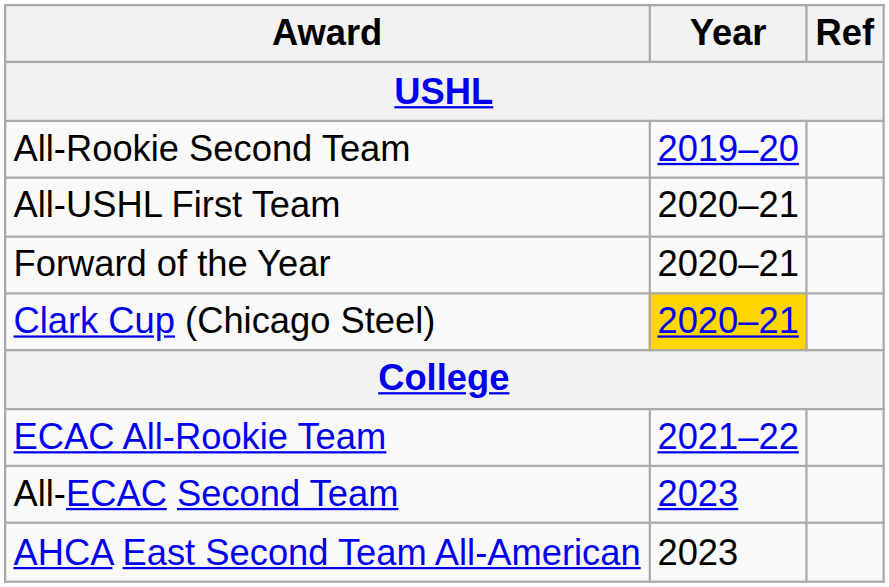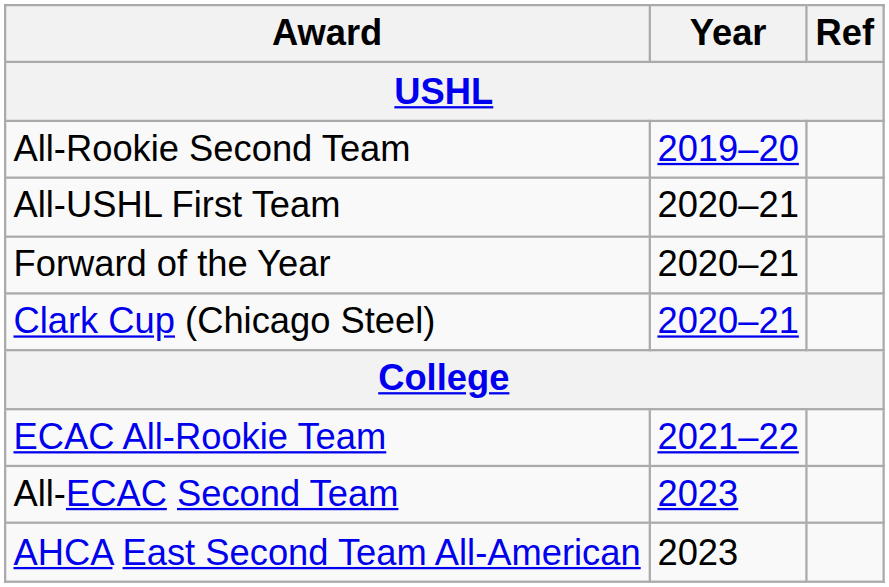 <table class="wikitable">
 <tr>
 <th>Award</th>
 <th>Year</th>
 <th>Ref</th>
 </tr>
 <tr>
 <th colspan="3"><a href='#'>USHL</a></th>
 </tr>
 <tr>
 <td>All-Rookie Second Team</td>
 <td><a href='#'>2019–20</a></td>
 <td></td>
 </tr>
 <tr>
 <td>All-USHL First Team</td>
 <td>2020–21</td>
 <td></td>
 </tr>
 <tr>
 <td>Forward of the Year</td>
 <td>2020–21</td>
 <td></td>
 </tr>
 <tr>
 <td><a href='#'>Clark Cup</a> (Chicago Steel)</td>
-<td style="background: gold;"><a href='#'>2020–21</a></td>
+<td><a href='#'>2020–21</a></td>
 <td></td>
 </tr>
 <tr>
 <th colspan="3"><a href='#'>College</a></th>
 </tr>
 <tr>
 <td><a href='#'>ECAC All-Rookie Team</a></td>
 <td><a href='#'>2021–22</a></td>
 <td></td>
 </tr>
 <tr>
 <td>All-<a href='#'>ECAC</a> <a href='#'>Second Team</a></td>
 <td><a href='#'>2023</a></td>
 <td></td>
 </tr>
 <tr>
 <td><a href='#'>AHCA</a> <a href='#'>East Second Team All-American</a></td>
 <td>2023</td>
 <td></td>
 </tr>
 </table>
